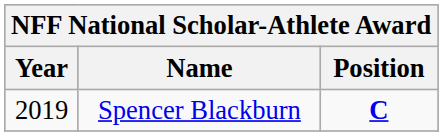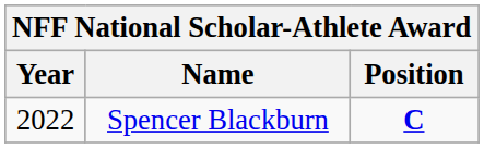 <table class="wikitable">
 <tr align="center">
 <th colspan=5>NFF National Scholar-Athlete Award</th>
 </tr>
 <tr>
 <th>Year</th>
 <th>Name</th>
 <th>Position</th>
 </tr>
 <tr align="center" bgcolor="">
-<td>2019</td>
+<td>2022</td>
 <td><a href='#'>Spencer Blackburn</a></td>
 <td><strong><a href='#'>C</a></strong></td>
 </tr>
 </table>
